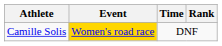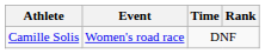 <table class=wikitable style="font-size:90%">
 <tr>
 <th>Athlete</th>
 <th>Event</th>
 <th>Time</th>
 <th>Rank</th>
 </tr>
 <tr align=center>
 <td align=left><a href='#'>Camille Solis</a></td>
-<td align=left style="background: gold;"><a href='#'>Women's road race</a></td>
+<td align=left><a href='#'>Women's road race</a></td>
 <td colspan=2>DNF</td>
 </tr>
 </table>
